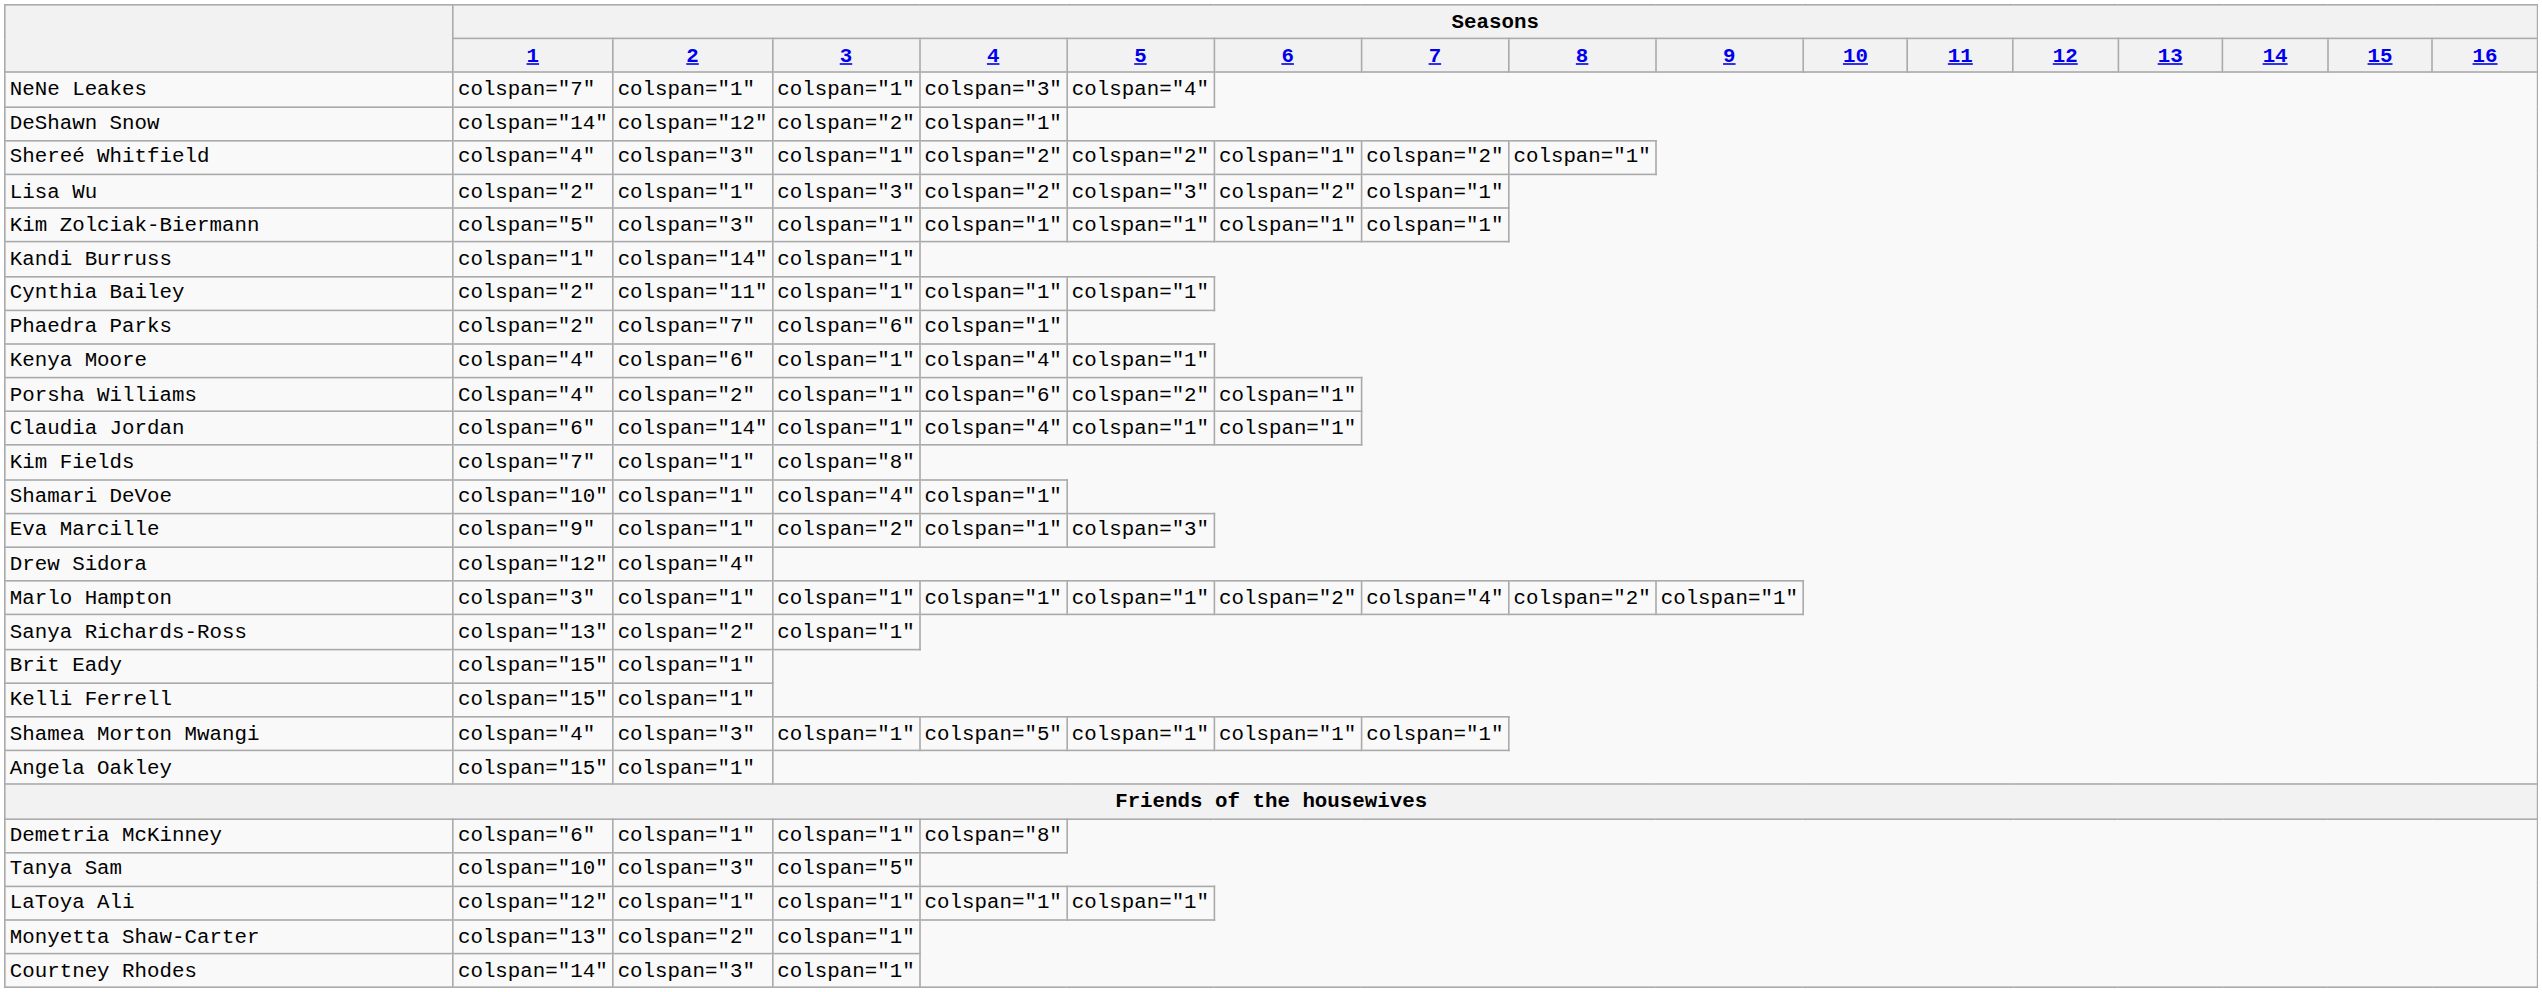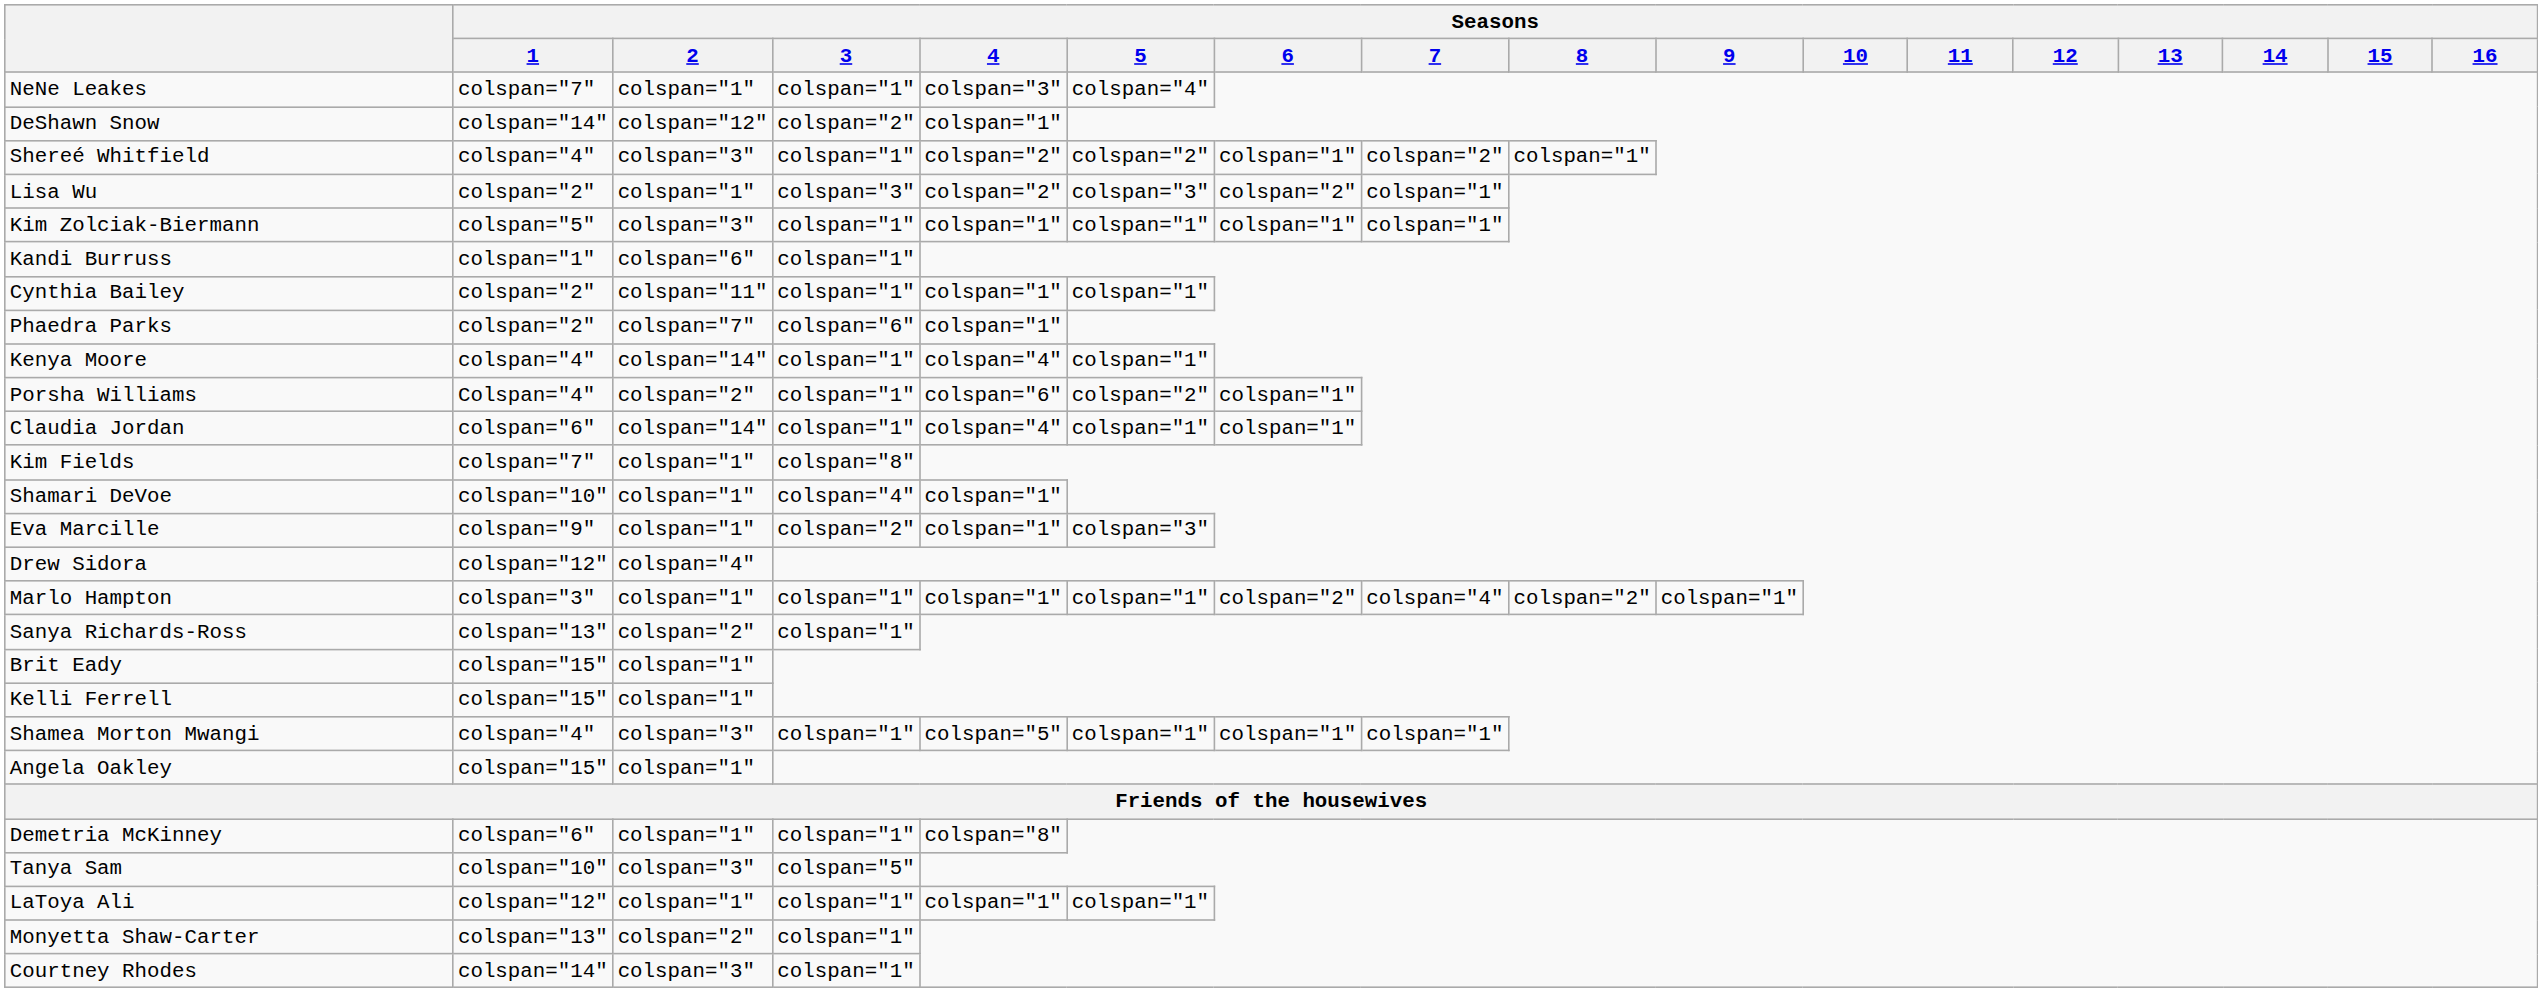 <table class="wikitable plainrowheaders" style="width:100%;">
 <tr>
 <th rowspan="2" style="width:20%;"></th>
 <th colspan="16">Seasons</th>
 </tr>
 <tr>
 <th style="width:5%;"><a href='#'>1</a></th>
 <th style="width:5%;"><a href='#'>2</a></th>
 <th style="width:5%;"><a href='#'>3</a></th>
 <th style="width:5%;"><a href='#'>4</a></th>
 <th style="width:5%;"><a href='#'>5</a></th>
 <th style="width:5%;"><a href='#'>6</a></th>
 <th style="width:5%;"><a href='#'>7</a></th>
 <th style="width:5%;"><a href='#'>8</a></th>
 <th style="width:5%;"><a href='#'>9</a></th>
 <th style="width:5%;"><a href='#'>10</a></th>
 <th style="width:5%;"><a href='#'>11</a></th>
 <th style="width:5%;"><a href='#'>12</a></th>
 <th style="width:5%;"><a href='#'>13</a></th>
 <th style="width:5%;"><a href='#'>14</a></th>
 <th style="width:5%;"><a href='#'>15</a></th>
 <th style="width:5%;"><a href='#'>16</a></th>
 </tr>
 <tr>
 <td>NeNe Leakes</td>
 <td>colspan="7" </td>
 <td>colspan="1" </td>
 <td>colspan="1" </td>
 <td>colspan="3" </td>
 <td>colspan="4" </td>
 </tr>
 <tr>
 <td>DeShawn Snow</td>
 <td>colspan="14" </td>
 <td>colspan="12" </td>
 <td>colspan="2" </td>
 <td>colspan="1" </td>
 </tr>
 <tr>
 <td>Shereé Whitfield</td>
 <td>colspan="4" </td>
 <td>colspan="3" </td>
 <td>colspan="1" </td>
 <td>colspan="2" </td>
 <td>colspan="2" </td>
 <td>colspan="1" </td>
 <td>colspan="2" </td>
 <td>colspan="1" </td>
 </tr>
 <tr>
 <td>Lisa Wu</td>
 <td>colspan="2" </td>
 <td>colspan="1" </td>
 <td>colspan="3" </td>
 <td>colspan="2" </td>
 <td>colspan="3" </td>
 <td>colspan="2" </td>
 <td>colspan="1" </td>
 </tr>
 <tr>
 <td>Kim Zolciak-Biermann</td>
 <td>colspan="5" </td>
 <td>colspan="3" </td>
 <td>colspan="1" </td>
 <td>colspan="1" </td>
 <td>colspan="1" </td>
 <td>colspan="1" </td>
 <td>colspan="1" </td>
 </tr>
 <tr>
 <td>Kandi Burruss</td>
 <td>colspan="1" </td>
-<td>colspan="14" </td>
+<td>colspan="6" </td>
 <td>colspan="1" </td>
 </tr>
 <tr>
 <td>Cynthia Bailey</td>
 <td>colspan="2" </td>
 <td>colspan="11" </td>
 <td>colspan="1" </td>
 <td>colspan="1" </td>
 <td>colspan="1" </td>
 </tr>
 <tr>
 <td>Phaedra Parks</td>
 <td>colspan="2" </td>
 <td>colspan="7" </td>
 <td>colspan="6" </td>
 <td>colspan="1" </td>
 </tr>
 <tr>
 <td>Kenya Moore</td>
 <td>colspan="4" </td>
-<td>colspan="6" </td>
+<td>colspan="14" </td>
 <td>colspan="1" </td>
 <td>colspan="4" </td>
 <td>colspan="1" </td>
 </tr>
 <tr>
 <td nowrap="">Porsha Williams</td>
 <td>Colspan="4" </td>
 <td>colspan="2" </td>
 <td>colspan="1" </td>
 <td>colspan="6" </td>
 <td>colspan="2" </td>
 <td>colspan="1" </td>
 </tr>
 <tr>
 <td>Claudia Jordan</td>
 <td>colspan="6" </td>
 <td>colspan="14" </td>
 <td>colspan="1" </td>
 <td>colspan="4" </td>
 <td>colspan="1" </td>
 <td>colspan="1" </td>
 </tr>
 <tr>
 <td>Kim Fields</td>
 <td>colspan="7" </td>
 <td>colspan="1" </td>
 <td>colspan="8" </td>
 </tr>
 <tr>
 <td>Shamari DeVoe</td>
 <td>colspan="10" </td>
 <td>colspan="1" </td>
 <td>colspan="4" </td>
 <td>colspan="1" </td>
 </tr>
 <tr>
 <td>Eva Marcille</td>
 <td>colspan="9" </td>
 <td>colspan="1" </td>
 <td>colspan="2" </td>
 <td>colspan="1" </td>
 <td>colspan="3" </td>
 </tr>
 <tr>
 <td>Drew Sidora</td>
 <td>colspan="12" </td>
 <td>colspan="4" </td>
 </tr>
 <tr>
 <td>Marlo Hampton</td>
 <td>colspan="3" </td>
 <td>colspan="1" </td>
 <td>colspan="1" </td>
 <td>colspan="1" </td>
 <td>colspan="1" </td>
 <td>colspan="2" </td>
 <td>colspan="4" </td>
 <td>colspan="2" </td>
 <td>colspan="1" </td>
 </tr>
 <tr>
 <td>Sanya Richards-Ross</td>
 <td>colspan="13" </td>
 <td>colspan="2" </td>
 <td>colspan="1" </td>
 </tr>
 <tr>
 <td>Brit Eady</td>
 <td>colspan="15" </td>
 <td>colspan="1" </td>
 </tr>
 <tr>
 <td>Kelli Ferrell</td>
 <td>colspan="15" </td>
 <td>colspan="1" </td>
 </tr>
 <tr>
 <td nowrap="">Shamea Morton Mwangi</td>
 <td>colspan="4" </td>
 <td>colspan="3" </td>
 <td>colspan="1" </td>
 <td>colspan="5" </td>
 <td>colspan="1" </td>
 <td>colspan="1" </td>
 <td>colspan="1" </td>
 </tr>
 <tr>
 <td>Angela Oakley</td>
 <td>colspan="15" </td>
 <td>colspan="1" </td>
 </tr>
 <tr>
 <th colspan="17" rowspan="1" style="width:16%;">Friends of the housewives</th>
 </tr>
 <tr>
 <td>Demetria McKinney</td>
 <td>colspan="6" </td>
 <td>colspan="1" </td>
 <td>colspan="1" </td>
 <td>colspan="8" </td>
 </tr>
 <tr>
 <td>Tanya Sam</td>
 <td>colspan="10" </td>
 <td>colspan="3" </td>
 <td>colspan="5" </td>
 </tr>
 <tr>
 <td>LaToya Ali</td>
 <td>colspan="12" </td>
 <td>colspan="1" </td>
 <td>colspan="1" </td>
 <td>colspan="1" </td>
 <td>colspan="1" </td>
 </tr>
 <tr>
 <td nowrap="">Monyetta Shaw-Carter</td>
 <td>colspan="13" </td>
 <td>colspan="2" </td>
 <td>colspan="1" </td>
 </tr>
 <tr>
 <td>Courtney Rhodes</td>
 <td>colspan="14" </td>
 <td>colspan="3" </td>
 <td>colspan="1" </td>
 </tr>
 </table>
